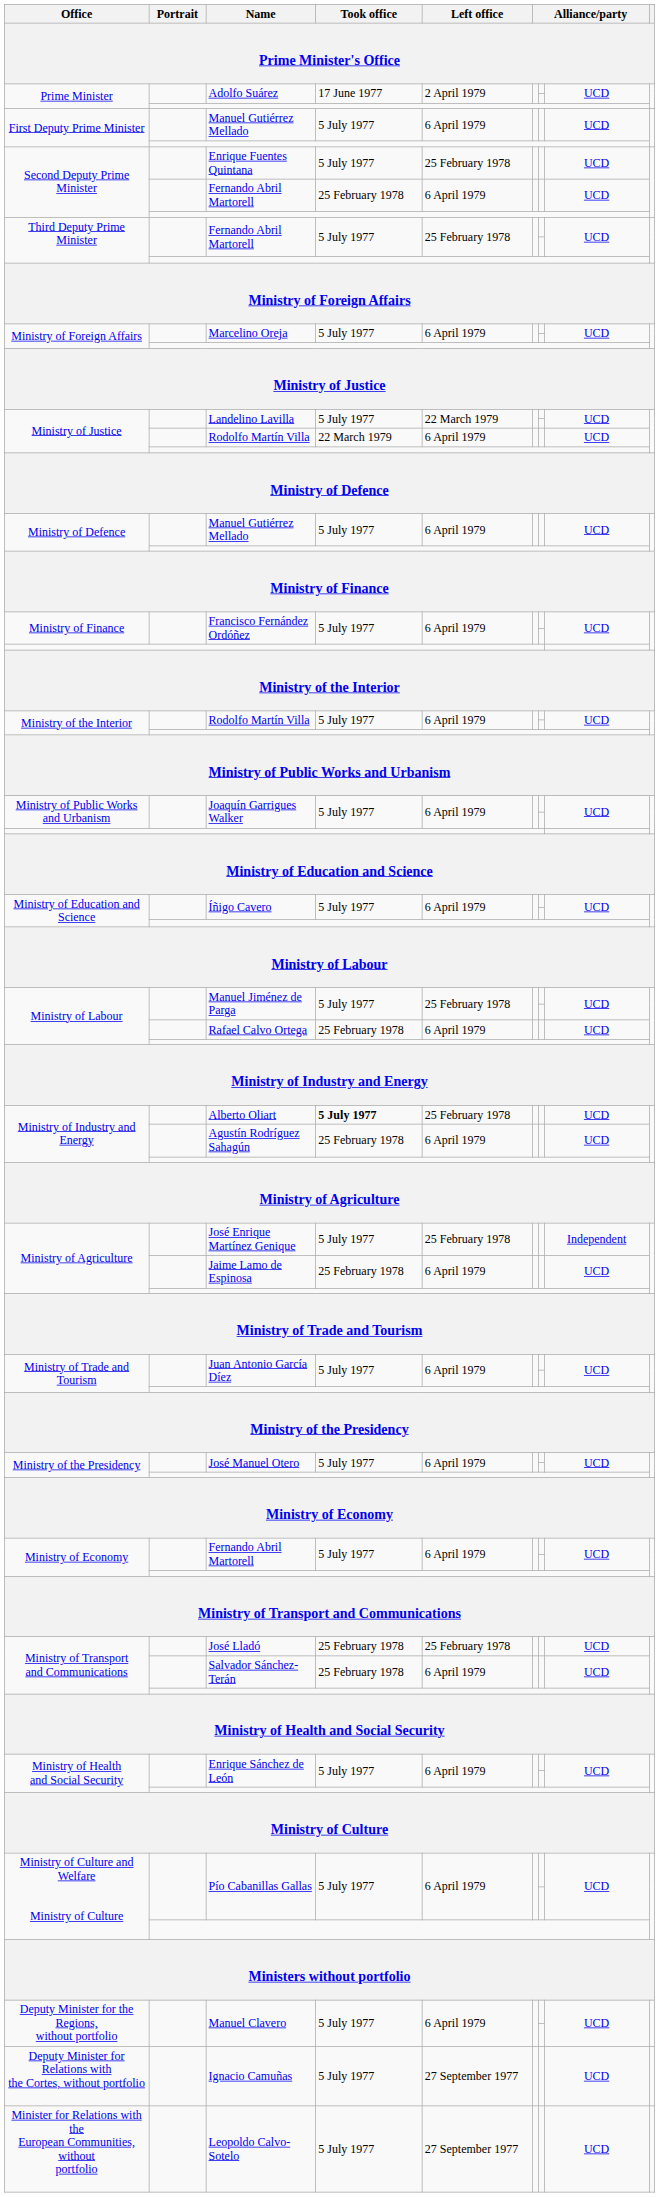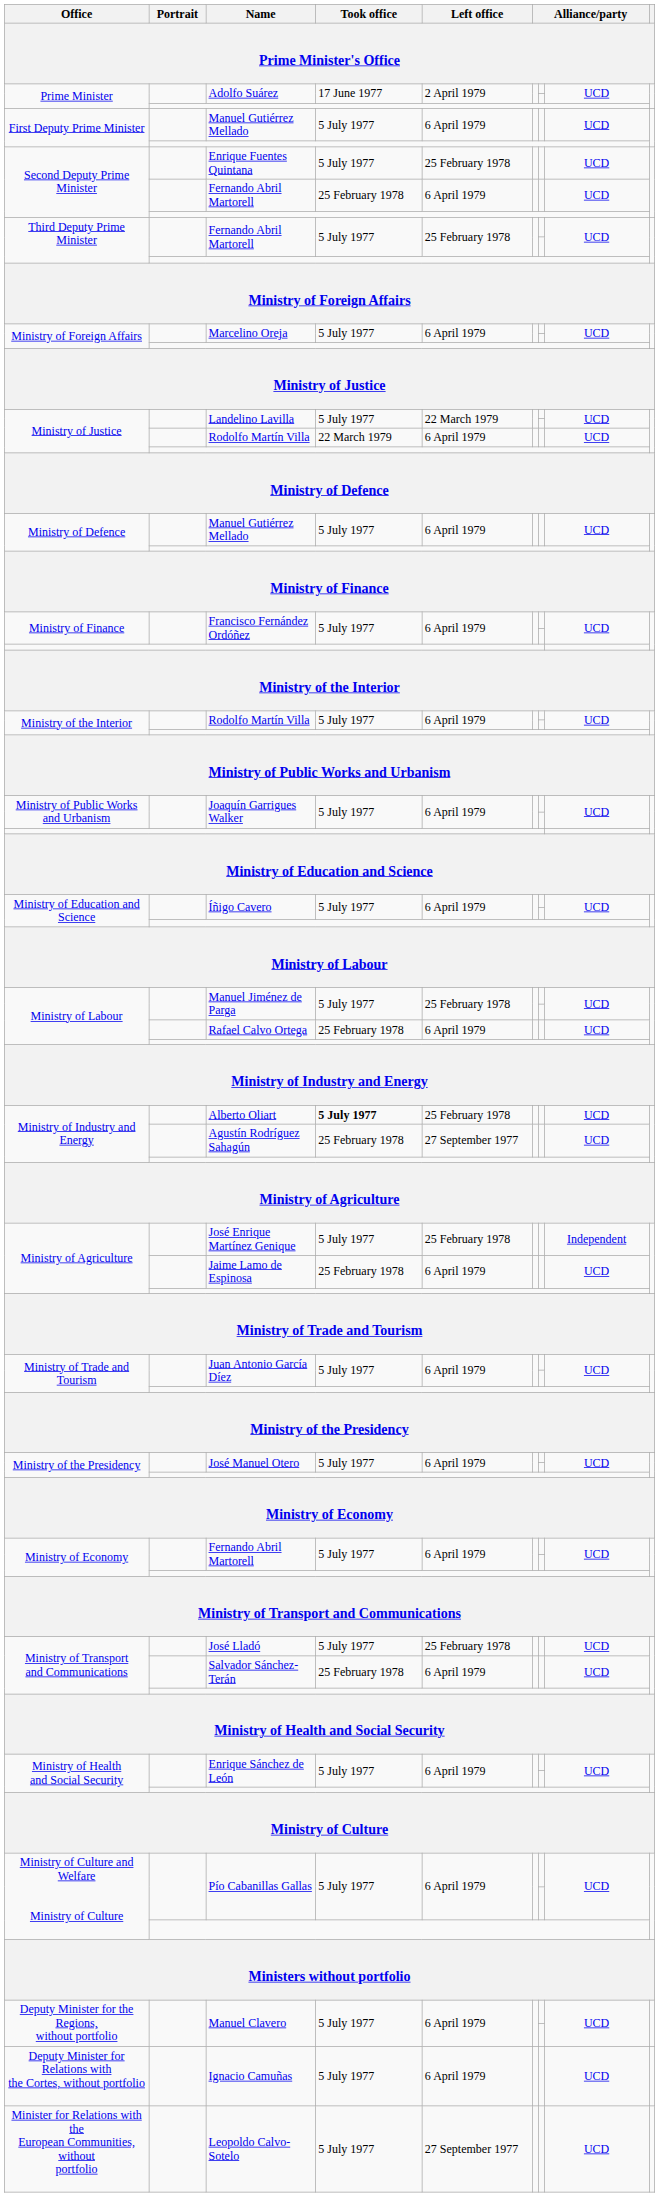 <table class="wikitable" style="line-height:18px;">
 <tr>
 <th scope="col">Office<br></th>
 <th scope="col">Portrait</th>
 <th scope="col">Name</th>
 <th scope="col">Took office</th>
 <th scope="col">Left office</th>
 <th colspan="3" scope="col">Alliance/party</th>
 <th></th>
 </tr>
 <tr>
 <th colspan="9"><br><h3><a href='#'>Prime Minister's Office</a></h3></th>
 </tr>
 <tr>
 <td align="center" rowspan="3" width="250"><a href='#'>Prime Minister</a><br></td>
 <td rowspan="2" width="80"></td>
 <td rowspan="2" width="200"><a href='#'>Adolfo Suárez</a></td>
 <td rowspan="2" width="200">17 June 1977</td>
 <td rowspan="2" width="200">2 April 1979</td>
 <td rowspan="2" width="1" style="background-color:"></td>
 <td width="1" style="background-color:"></td>
 <td width="175" align="center" rowspan="2"><a href='#'>UCD</a><br></td>
 <td align="center" rowspan="3"></td>
 </tr>
 <tr>
 <td style="background-color:"></td>
 </tr>
 <tr>
 <td colspan="7"></td>
 </tr>
 <tr>
 <td align="center" rowspan="2"><a href='#'>First Deputy Prime Minister</a><br></td>
 <td></td>
 <td><a href='#'>Manuel Gutiérrez Mellado</a></td>
 <td>5 July 1977</td>
 <td>6 April 1979</td>
 <td style="background-color:"></td>
 <td style="background-color:"></td>
 <td align="center"><a href='#'>UCD</a><br></td>
 <td align="center" rowspan="2"></td>
 </tr>
 <tr>
 <td colspan="7"></td>
 </tr>
 <tr>
 <td align="center" rowspan="3"><a href='#'>Second Deputy Prime Minister</a><br></td>
 <td></td>
 <td><a href='#'>Enrique Fuentes Quintana</a></td>
 <td>5 July 1977</td>
 <td>25 February 1978</td>
 <td style="background-color:"></td>
 <td style="background-color:"></td>
 <td align="center"><a href='#'>UCD</a><br></td>
 <td align="center" rowspan="3"></td>
 </tr>
 <tr>
 <td></td>
 <td><a href='#'>Fernando Abril Martorell</a></td>
 <td>25 February 1978</td>
 <td>6 April 1979</td>
 <td style="background-color:"></td>
 <td style="background-color:"></td>
 <td align="center"><a href='#'>UCD</a></td>
 </tr>
 <tr>
 <td colspan="7"></td>
 </tr>
 <tr>
 <td align="center" rowspan="3"><a href='#'>Third Deputy Prime Minister</a><br><br></td>
 <td rowspan="2"></td>
 <td rowspan="2"><a href='#'>Fernando Abril Martorell</a></td>
 <td rowspan="2">5 July 1977</td>
 <td rowspan="2">25 February 1978</td>
 <td rowspan="2" style="background-color:"></td>
 <td style="background-color:"></td>
 <td align="center" rowspan="2"><a href='#'>UCD</a><br></td>
 <td align="center" rowspan="3"></td>
 </tr>
 <tr>
 <td style="background-color:"></td>
 </tr>
 <tr>
 <td colspan="7"></td>
 </tr>
 <tr>
 <th colspan="9"><br><h3><a href='#'>Ministry of Foreign Affairs</a></h3></th>
 </tr>
 <tr>
 <td align="center" rowspan="3"><a href='#'>Ministry of Foreign Affairs</a><br></td>
 <td rowspan="2"></td>
 <td rowspan="2"><a href='#'>Marcelino Oreja</a></td>
 <td rowspan="2">5 July 1977</td>
 <td rowspan="2">6 April 1979</td>
 <td rowspan="2" style="background-color:"></td>
 <td style="background-color:"></td>
 <td align="center" rowspan="2"><a href='#'>UCD</a><br></td>
 <td align="center" rowspan="3"></td>
 </tr>
 <tr>
 <td style="background-color:"></td>
 </tr>
 <tr>
 <td colspan="7"></td>
 </tr>
 <tr>
 <th colspan="9"><br><h3><a href='#'>Ministry of Justice</a></h3></th>
 </tr>
 <tr>
 <td align="center" rowspan="4"><a href='#'>Ministry of Justice</a><br></td>
 <td rowspan="2"></td>
 <td rowspan="2"><a href='#'>Landelino Lavilla</a></td>
 <td rowspan="2">5 July 1977</td>
 <td rowspan="2">22 March 1979<br></td>
 <td rowspan="2" style="background-color:"></td>
 <td style="background-color:"></td>
 <td align="center" rowspan="2"><a href='#'>UCD</a><br></td>
 <td align="center" rowspan="4"></td>
 </tr>
 <tr>
 <td style="background-color:"></td>
 </tr>
 <tr>
 <td></td>
 <td><a href='#'>Rodolfo Martín Villa</a><br></td>
 <td>22 March 1979</td>
 <td>6 April 1979</td>
 <td style="background-color:"></td>
 <td style="background-color:"></td>
 <td align="center"><a href='#'>UCD</a></td>
 </tr>
 <tr>
 <td colspan="7"></td>
 </tr>
 <tr>
 <th colspan="9"><br><h3><a href='#'>Ministry of Defence</a></h3></th>
 </tr>
 <tr>
 <td align="center" rowspan="2"><a href='#'>Ministry of Defence</a><br></td>
 <td></td>
 <td><a href='#'>Manuel Gutiérrez Mellado</a></td>
 <td>5 July 1977</td>
 <td>6 April 1979</td>
 <td style="background-color:"></td>
 <td style="background-color:"></td>
 <td align="center"><a href='#'>UCD</a><br></td>
 <td align="center" rowspan="2"></td>
 </tr>
 <tr>
 <td colspan="7"></td>
 </tr>
 <tr>
 <th colspan="9"><br><h3><a href='#'>Ministry of Finance</a></h3></th>
 </tr>
 <tr>
 <td align="center" rowspan="2"><a href='#'>Ministry of Finance</a><br></td>
 <td rowspan="2"></td>
 <td rowspan="2"><a href='#'>Francisco Fernández Ordóñez</a></td>
 <td rowspan="2">5 July 1977</td>
 <td rowspan="2">6 April 1979</td>
 <td rowspan="2" style="background-color:"></td>
 <td style="background-color:"></td>
 <td align="center" rowspan="2"><a href='#'>UCD</a><br></td>
 <td align="center" rowspan="3"></td>
 </tr>
 <tr>
 <td style="background-color:"></td>
 </tr>
 <tr>
 <td colspan="7"></td>
 </tr>
 <tr>
 <th colspan="9"><br><h3><a href='#'>Ministry of the Interior</a></h3></th>
 </tr>
 <tr>
 <td align="center" rowspan="3"><a href='#'>Ministry of the Interior</a><br></td>
 <td rowspan="2"></td>
 <td rowspan="2"><a href='#'>Rodolfo Martín Villa</a></td>
 <td rowspan="2">5 July 1977</td>
 <td rowspan="2">6 April 1979</td>
 <td rowspan="2" style="background-color:"></td>
 <td style="background-color:"></td>
 <td align="center" rowspan="2"><a href='#'>UCD</a><br></td>
 <td align="center" rowspan="3"></td>
 </tr>
 <tr>
 <td style="background-color:"></td>
 </tr>
 <tr>
 <td colspan="7"></td>
 </tr>
 <tr>
 <th colspan="9"><br><h3><a href='#'>Ministry of Public Works and Urbanism</a></h3></th>
 </tr>
 <tr>
 <td align="center" rowspan="2"><a href='#'>Ministry of Public Works<br>and Urbanism</a><br></td>
 <td rowspan="2"></td>
 <td rowspan="2"><a href='#'>Joaquín Garrigues Walker</a></td>
 <td rowspan="2">5 July 1977</td>
 <td rowspan="2">6 April 1979</td>
 <td rowspan="2" style="background-color:"></td>
 <td style="background-color:"></td>
 <td align="center" rowspan="2"><a href='#'>UCD</a><br></td>
 <td align="center" rowspan="3"></td>
 </tr>
 <tr>
 <td style="background-color:"></td>
 </tr>
 <tr>
 <td colspan="7"></td>
 </tr>
 <tr>
 <th colspan="9"><br><h3><a href='#'>Ministry of Education and Science</a></h3></th>
 </tr>
 <tr>
 <td align="center" rowspan="3"><a href='#'>Ministry of Education and Science</a><br></td>
 <td rowspan="2"></td>
 <td rowspan="2"><a href='#'>Íñigo Cavero</a></td>
 <td rowspan="2">5 July 1977</td>
 <td rowspan="2">6 April 1979</td>
 <td rowspan="2" style="background-color:"></td>
 <td style="background-color:"></td>
 <td align="center" rowspan="2"><a href='#'>UCD</a><br></td>
 <td align="center" rowspan="3"></td>
 </tr>
 <tr>
 <td style="background-color:"></td>
 </tr>
 <tr>
 <td colspan="7"></td>
 </tr>
 <tr>
 <th colspan="9"><br><h3><a href='#'>Ministry of Labour</a></h3></th>
 </tr>
 <tr>
 <td align="center" rowspan="4"><a href='#'>Ministry of Labour</a><br></td>
 <td rowspan="2"></td>
 <td rowspan="2"><a href='#'>Manuel Jiménez de Parga</a></td>
 <td rowspan="2">5 July 1977</td>
 <td rowspan="2">25 February 1978</td>
 <td rowspan="2" style="background-color:"></td>
 <td style="background-color:"></td>
 <td align="center" rowspan="2"><a href='#'>UCD</a><br></td>
 <td align="center" rowspan="4"></td>
 </tr>
 <tr>
 <td style="background-color:"></td>
 </tr>
 <tr>
 <td></td>
 <td><a href='#'>Rafael Calvo Ortega</a></td>
 <td>25 February 1978</td>
 <td>6 April 1979</td>
 <td style="background-color:"></td>
 <td style="background-color:"></td>
 <td align="center"><a href='#'>UCD</a></td>
 </tr>
 <tr>
 <td colspan="7"></td>
 </tr>
 <tr>
 <th colspan="9"><br><h3><a href='#'>Ministry of Industry and Energy</a></h3></th>
 </tr>
 <tr>
 <td align="center" rowspan="3"><a href='#'>Ministry of Industry and Energy</a><br></td>
 <td></td>
 <td><a href='#'>Alberto Oliart</a></td>
 <td><strong>5 July 1977</strong></td>
 <td>25 February 1978</td>
 <td style="background-color:"></td>
 <td style="background-color:"></td>
 <td align="center"><a href='#'>UCD</a><br></td>
 <td align="center" rowspan="3"></td>
 </tr>
 <tr>
 <td></td>
 <td><a href='#'>Agustín Rodríguez Sahagún</a></td>
 <td>25 February 1978</td>
-<td>6 April 1979</td>
+<td>27 September 1977</td>
 <td style="background-color:"></td>
 <td style="background-color:"></td>
 <td align="center"><a href='#'>UCD</a></td>
 </tr>
 <tr>
 <td colspan="7"></td>
 </tr>
 <tr>
 <th colspan="9"><br><h3><a href='#'>Ministry of Agriculture</a></h3></th>
 </tr>
 <tr>
 <td align="center" rowspan="3"><a href='#'>Ministry of Agriculture</a><br></td>
 <td></td>
 <td><a href='#'>José Enrique Martínez Genique</a></td>
 <td>5 July 1977</td>
 <td>25 February 1978</td>
 <td style="background-color:"></td>
 <td style="background-color:"></td>
 <td align="center"><a href='#'>Independent</a></td>
 <td align="center" rowspan="3"></td>
 </tr>
 <tr>
 <td></td>
 <td><a href='#'>Jaime Lamo de Espinosa</a></td>
 <td>25 February 1978</td>
 <td>6 April 1979</td>
 <td style="background-color:"></td>
 <td style="background-color:"></td>
 <td align="center"><a href='#'>UCD</a></td>
 </tr>
 <tr>
 <td colspan="7"></td>
 </tr>
 <tr>
 <th colspan="9"><br><h3><a href='#'>Ministry of Trade and Tourism</a></h3></th>
 </tr>
 <tr>
 <td align="center" rowspan="3"><a href='#'>Ministry of Trade and Tourism</a><br></td>
 <td rowspan="2"></td>
 <td rowspan="2"><a href='#'>Juan Antonio García Díez</a></td>
 <td rowspan="2">5 July 1977</td>
 <td rowspan="2">6 April 1979</td>
 <td rowspan="2" style="background-color:"></td>
 <td style="background-color:"></td>
 <td align="center" rowspan="2"><a href='#'>UCD</a><br></td>
 <td align="center" rowspan="3"></td>
 </tr>
 <tr>
 <td style="background-color:"></td>
 </tr>
 <tr>
 <td colspan="7"></td>
 </tr>
 <tr>
 <th colspan="9"><br><h3><a href='#'>Ministry of the Presidency</a></h3></th>
 </tr>
 <tr>
 <td align="center" rowspan="3"><a href='#'>Ministry of the Presidency</a><br></td>
 <td rowspan="2"></td>
 <td rowspan="2"><a href='#'>José Manuel Otero</a></td>
 <td rowspan="2">5 July 1977</td>
 <td rowspan="2">6 April 1979</td>
 <td rowspan="2" style="background-color:"></td>
 <td style="background-color:"></td>
 <td align="center" rowspan="2"><a href='#'>UCD</a><br></td>
 <td align="center" rowspan="3"></td>
 </tr>
 <tr>
 <td style="background-color:"></td>
 </tr>
 <tr>
 <td colspan="7"></td>
 </tr>
 <tr>
 <th colspan="9"><br><h3><a href='#'>Ministry of Economy</a></h3></th>
 </tr>
 <tr>
 <td align="center" rowspan="3"><a href='#'>Ministry of Economy</a><br></td>
 <td rowspan="2"></td>
 <td rowspan="2"><a href='#'>Fernando Abril Martorell</a></td>
 <td rowspan="2">5 July 1977</td>
 <td rowspan="2">6 April 1979</td>
 <td rowspan="2" style="background-color:"></td>
 <td style="background-color:"></td>
 <td align="center" rowspan="2"><a href='#'>UCD</a><br></td>
 <td align="center" rowspan="3"></td>
 </tr>
 <tr>
 <td style="background-color:"></td>
 </tr>
 <tr>
 <td colspan="7"></td>
 </tr>
 <tr>
 <th colspan="9"><br><h3><a href='#'>Ministry of Transport and Communications</a></h3></th>
 </tr>
 <tr>
 <td align="center" rowspan="3"><a href='#'>Ministry of Transport<br>and Communications</a><br></td>
 <td></td>
 <td><a href='#'>José Lladó</a></td>
-<td>25 February 1978</td>
+<td>5 July 1977</td>
 <td>25 February 1978</td>
 <td style="background-color:"></td>
 <td style="background-color:"></td>
 <td align="center"><a href='#'>UCD</a><br></td>
 <td align="center" rowspan="3"></td>
 </tr>
 <tr>
 <td></td>
 <td><a href='#'>Salvador Sánchez-Terán</a></td>
 <td>25 February 1978</td>
 <td>6 April 1979</td>
 <td style="background-color:"></td>
 <td style="background-color:"></td>
 <td align="center"><a href='#'>UCD</a></td>
 </tr>
 <tr>
 <td colspan="7"></td>
 </tr>
 <tr>
 <th colspan="9"><br><h3><a href='#'>Ministry of Health and Social Security</a></h3></th>
 </tr>
 <tr>
 <td align="center" rowspan="3"><a href='#'>Ministry of Health<br>and Social Security</a><br></td>
 <td rowspan="2"></td>
 <td rowspan="2"><a href='#'>Enrique Sánchez de León</a></td>
 <td rowspan="2">5 July 1977</td>
 <td rowspan="2">6 April 1979</td>
 <td rowspan="2" style="background-color:"></td>
 <td style="background-color:"></td>
 <td align="center" rowspan="2"><a href='#'>UCD</a><br></td>
 <td align="center" rowspan="3"></td>
 </tr>
 <tr>
 <td style="background-color:"></td>
 </tr>
 <tr>
 <td colspan="7"></td>
 </tr>
 <tr>
 <th colspan="9"><br><h3><a href='#'>Ministry of Culture</a></h3></th>
 </tr>
 <tr>
 <td align="center" rowspan="3"><a href='#'>Ministry of Culture and Welfare</a><br><br><br><a href='#'>Ministry of Culture</a><br><br></td>
 <td rowspan="2"></td>
 <td rowspan="2"><a href='#'>Pío Cabanillas Gallas</a></td>
 <td rowspan="2">5 July 1977</td>
 <td rowspan="2">6 April 1979</td>
 <td rowspan="2" style="background-color:"></td>
 <td style="background-color:"></td>
 <td align="center" rowspan="2"><a href='#'>UCD</a><br></td>
 <td align="center" rowspan="3"></td>
 </tr>
 <tr>
 <td style="background-color:"></td>
 </tr>
 <tr>
 <td colspan="7"></td>
 </tr>
 <tr>
 <th colspan="9"><br><h3><a href='#'>Ministers without portfolio</a></h3></th>
 </tr>
 <tr>
 <td align="center" rowspan="2"><a href='#'>Deputy Minister for the Regions,<br>without portfolio</a><br></td>
 <td rowspan="2"></td>
 <td rowspan="2"><a href='#'>Manuel Clavero</a></td>
 <td rowspan="2">5 July 1977</td>
 <td rowspan="2">6 April 1979</td>
 <td rowspan="2" style="background-color:"></td>
 <td style="background-color:"></td>
 <td align="center" rowspan="2"><a href='#'>UCD</a><br></td>
 <td align="center" rowspan="2"></td>
 </tr>
 <tr>
 <td style="background-color:"></td>
 </tr>
 <tr>
 <td align="center"><a href='#'>Deputy Minister for Relations with<br>the Cortes, without portfolio</a><br><br></td>
 <td></td>
 <td><a href='#'>Ignacio Camuñas</a></td>
 <td>5 July 1977</td>
-<td>27 September 1977</td>
+<td>6 April 1979</td>
 <td style="background-color:"></td>
 <td style="background-color:"></td>
 <td align="center"><a href='#'>UCD</a><br></td>
 <td align="center"></td>
 </tr>
 <tr>
 <td align="center"><a href='#'>Minister for Relations with the<br>European Communities, without<br>portfolio</a><br><br></td>
 <td></td>
 <td><a href='#'>Leopoldo Calvo-Sotelo</a></td>
 <td>5 July 1977</td>
 <td>27 September 1977</td>
 <td style="background-color:"></td>
 <td style="background-color:"></td>
 <td align="center"><a href='#'>UCD</a></td>
 <td align="center"></td>
 </tr>
 </table>
